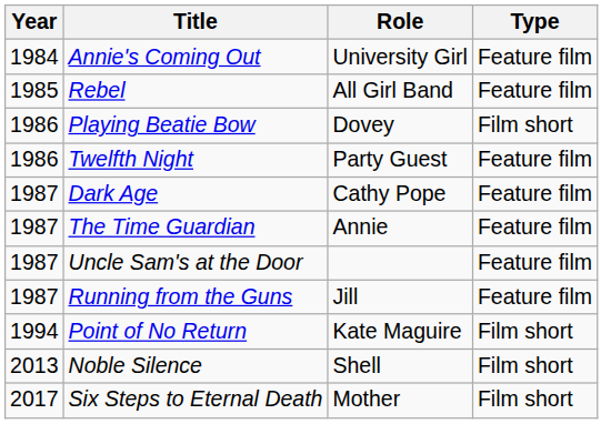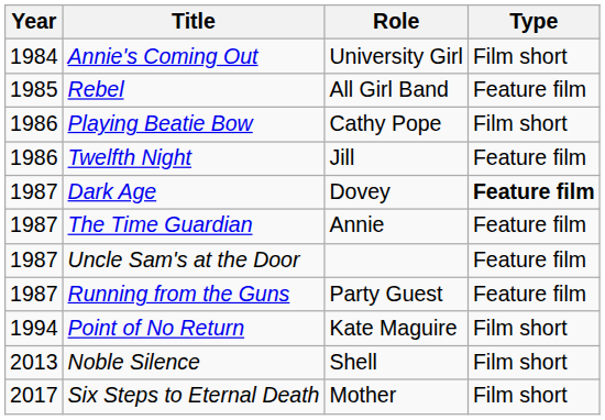 <table class="wikitable">
 <tr>
 <th>Year</th>
 <th>Title</th>
 <th>Role</th>
 <th>Type</th>
 </tr>
 <tr>
 <td>1984</td>
 <td><em><a href='#'>Annie's Coming Out</a></em></td>
 <td>University Girl</td>
-<td>Feature film</td>
+<td>Film short</td>
 </tr>
 <tr>
 <td>1985</td>
 <td><em><a href='#'>Rebel</a></em></td>
 <td>All Girl Band</td>
 <td>Feature film</td>
 </tr>
 <tr>
 <td>1986</td>
 <td><em><a href='#'>Playing Beatie Bow</a></em></td>
-<td>Dovey</td>
+<td>Cathy Pope</td>
 <td>Film short</td>
 </tr>
 <tr>
 <td>1986</td>
 <td><em><a href='#'>Twelfth Night</a></em></td>
-<td>Party Guest</td>
+<td>Jill</td>
 <td>Feature film</td>
 </tr>
 <tr>
 <td>1987</td>
 <td><em><a href='#'>Dark Age</a></em></td>
-<td>Cathy Pope</td>
-<td>Feature film</td>
+<td>Dovey</td>
+<td><strong>Feature film</strong></td>
 </tr>
 <tr>
 <td>1987</td>
 <td><em><a href='#'>The Time Guardian</a></em></td>
 <td>Annie</td>
 <td>Feature film</td>
 </tr>
 <tr>
 <td>1987</td>
 <td><em>Uncle Sam's at the Door</em></td>
 <td></td>
 <td>Feature film</td>
 </tr>
 <tr>
 <td>1987</td>
 <td><em><a href='#'>Running from the Guns</a></em></td>
-<td>Jill</td>
+<td>Party Guest</td>
 <td>Feature film</td>
 </tr>
 <tr>
 <td>1994</td>
 <td><em><a href='#'>Point of No Return</a></em></td>
 <td>Kate Maguire</td>
 <td>Film short</td>
 </tr>
 <tr>
 <td>2013</td>
 <td><em>Noble Silence</em></td>
 <td>Shell</td>
 <td>Film short</td>
 </tr>
 <tr>
 <td>2017</td>
 <td><em>Six Steps to Eternal Death</em></td>
 <td>Mother</td>
 <td>Film short</td>
 </tr>
 </table>
